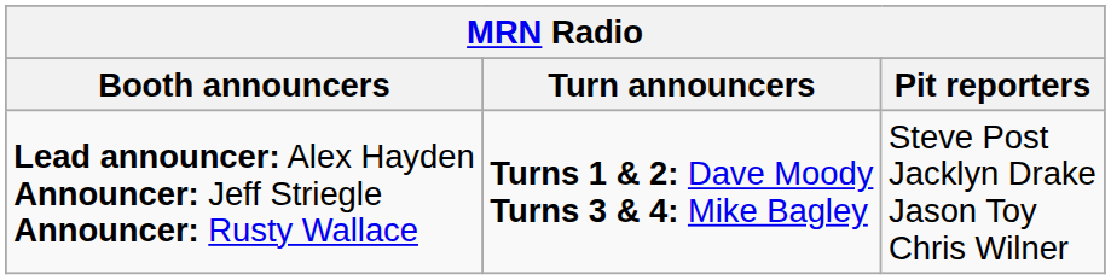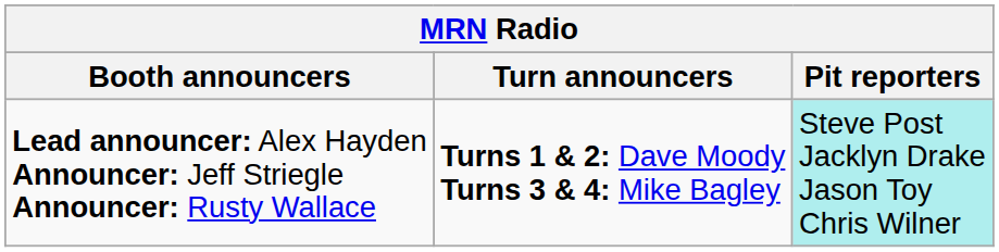 <table class="wikitable" style="font-size: 95%;">
 <tr>
 <th colspan="3"><a href='#'>MRN</a> Radio</th>
 </tr>
 <tr>
 <th>Booth announcers</th>
 <th>Turn announcers</th>
 <th>Pit reporters</th>
 </tr>
 <tr>
 <td><strong>Lead announcer:</strong> Alex Hayden<br><strong>Announcer:</strong> Jeff Striegle<br><strong>Announcer:</strong> <a href='#'>Rusty Wallace</a></td>
 <td><strong>Turns 1 & 2:</strong> <a href='#'>Dave Moody</a><br><strong>Turns 3 & 4:</strong> <a href='#'>Mike Bagley</a></td>
-<td>Steve Post<br>Jacklyn Drake<br>Jason Toy<br>Chris Wilner</td>
+<td style="background: paleturquoise;">Steve Post<br>Jacklyn Drake<br>Jason Toy<br>Chris Wilner</td>
 </tr>
 </table>
